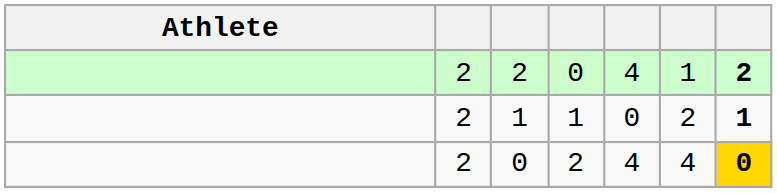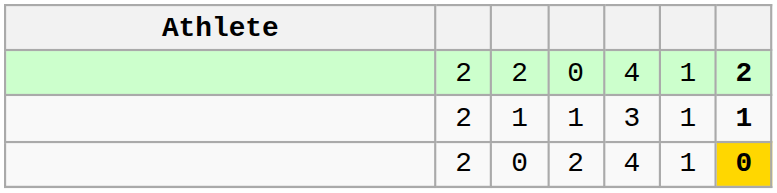 <table class=wikitable style="text-align:center">
 <tr>
 <th width=195>Athlete</th>
 <th width=20></th>
 <th width=20></th>
 <th width=20></th>
 <th width=20></th>
 <th width=20></th>
 <th width=20></th>
 </tr>
 <tr bgcolor=ccffcc>
 <td style="text-align:left"></td>
 <td>2</td>
 <td>2</td>
 <td>0</td>
 <td>4</td>
 <td>1</td>
 <td><strong>2</strong></td>
 </tr>
 <tr>
 <td style="text-align:left"></td>
 <td>2</td>
 <td>1</td>
 <td>1</td>
-<td>0</td>
-<td>2</td>
+<td>3</td>
+<td>1</td>
 <td><strong>1</strong></td>
 </tr>
 <tr>
 <td style="text-align:left"></td>
 <td>2</td>
 <td>0</td>
 <td>2</td>
 <td>4</td>
-<td>4</td>
+<td>1</td>
 <td style="background: gold;"><strong>0</strong></td>
 </tr>
 <tr>
 </tr>
 </table>
